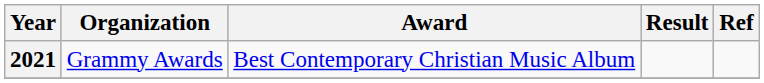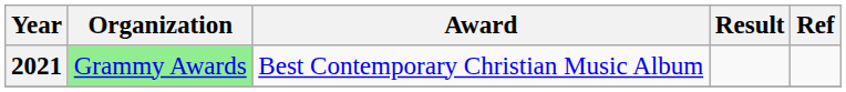 <table class="wikitable plainrowheaders">
 <tr>
 <th>Year</th>
 <th>Organization</th>
 <th>Award</th>
 <th>Result</th>
 <th>Ref</th>
 </tr>
 <tr>
 <th scope="row">2021</th>
-<td><a href='#'>Grammy Awards</a></td>
+<td style="background: lightgreen;"><a href='#'>Grammy Awards</a></td>
 <td><a href='#'>Best Contemporary Christian Music Album</a></td>
 <td></td>
 <td></td>
 </tr>
 <tr>
 </tr>
 </table>
